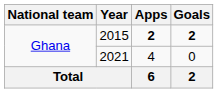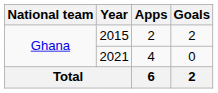 <table class=wikitable style=text-align:center>
 <tr>
 <th>National team</th>
 <th>Year</th>
 <th>Apps</th>
 <th>Goals</th>
 </tr>
 <tr>
 <td rowspan="2"><a href='#'>Ghana</a></td>
 <td>2015</td>
-<td><strong>2</strong></td>
-<td><strong>2</strong></td>
+<td>2</td>
+<td>2</td>
 </tr>
 <tr>
 <td>2021</td>
 <td>4</td>
 <td>0</td>
 </tr>
 <tr>
 <th colspan=2>Total</th>
 <th>6</th>
 <th>2</th>
 </tr>
 </table>
